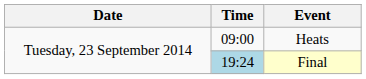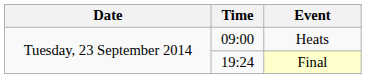 <table class = "wikitable" style="text-align:center;">
 <tr>
 <th width=220>Date</th>
 <th width=50>Time</th>
 <th width=100>Event</th>
 </tr>
 <tr>
 <td rowspan=2>Tuesday, 23 September 2014</td>
 <td>09:00</td>
 <td>Heats</td>
 </tr>
 <tr>
-<td style="background: lightblue;">19:24</td>
+<td>19:24</td>
 <td bgcolor=ffffcc>Final</td>
 </tr>
 </table>
